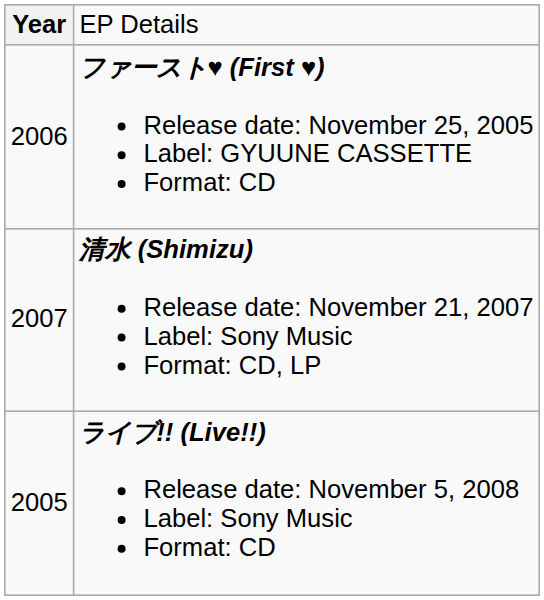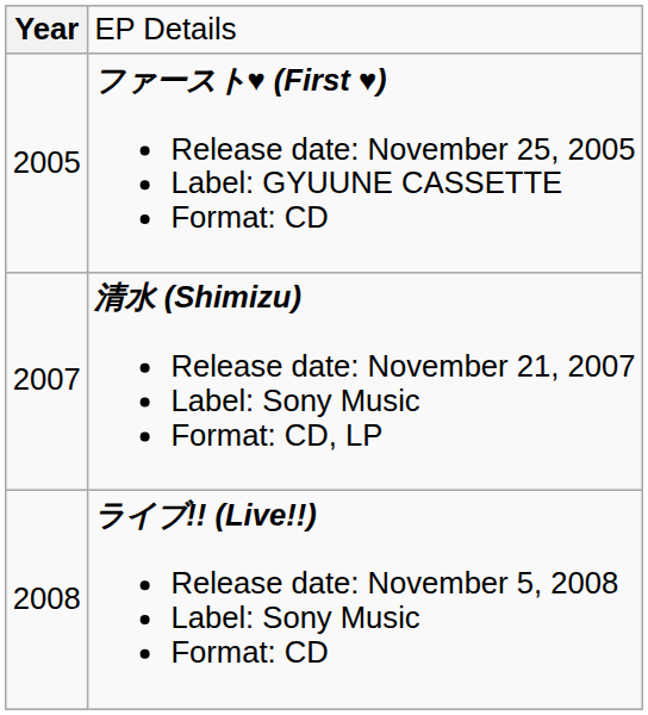 <table class="wikitable">
 <tr>
 <th>Year</th>
 <td>EP Details</td>
 </tr>
 <tr>
-<td>2006</td>
+<td>2005</td>
 <td><strong><em>ファースト♥ (First ♥)</em></strong><br><ul><li>Release date: November 25, 2005</li><li>Label: GYUUNE CASSETTE</li><li>Format: CD</li></ul></td>
 </tr>
 <tr>
 <td>2007</td>
 <td><strong><em>清水 (Shimizu)</em></strong><br><ul><li>Release date: November 21, 2007</li><li>Label: Sony Music</li><li>Format: CD, LP</li></ul></td>
 </tr>
 <tr>
-<td>2005</td>
+<td>2008</td>
 <td><strong><em>ライブ!! (Live!!)</em></strong><br><ul><li>Release date: November 5, 2008</li><li>Label: Sony Music</li><li>Format: CD</li></ul></td>
 </tr>
 </table>
